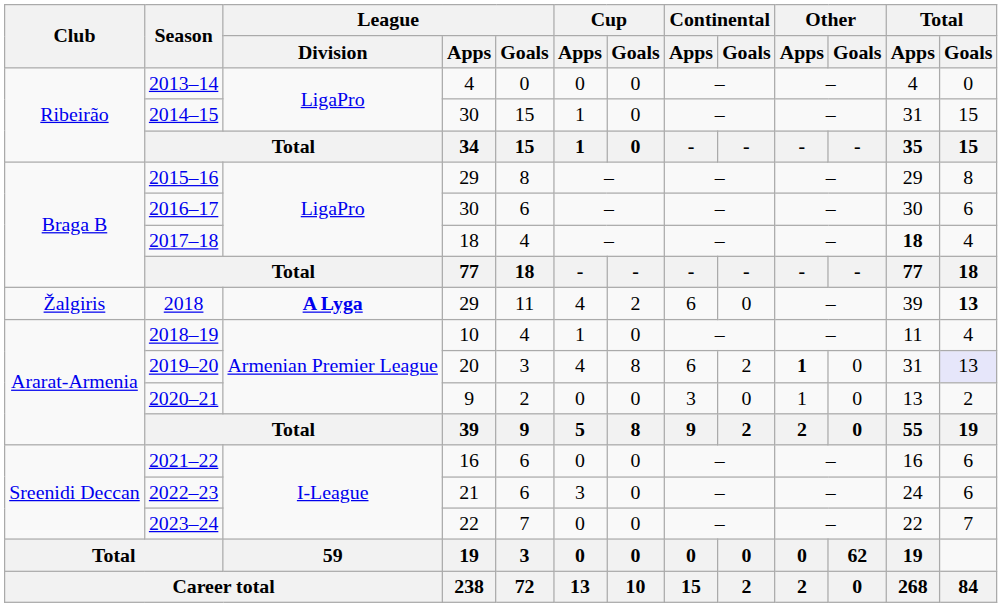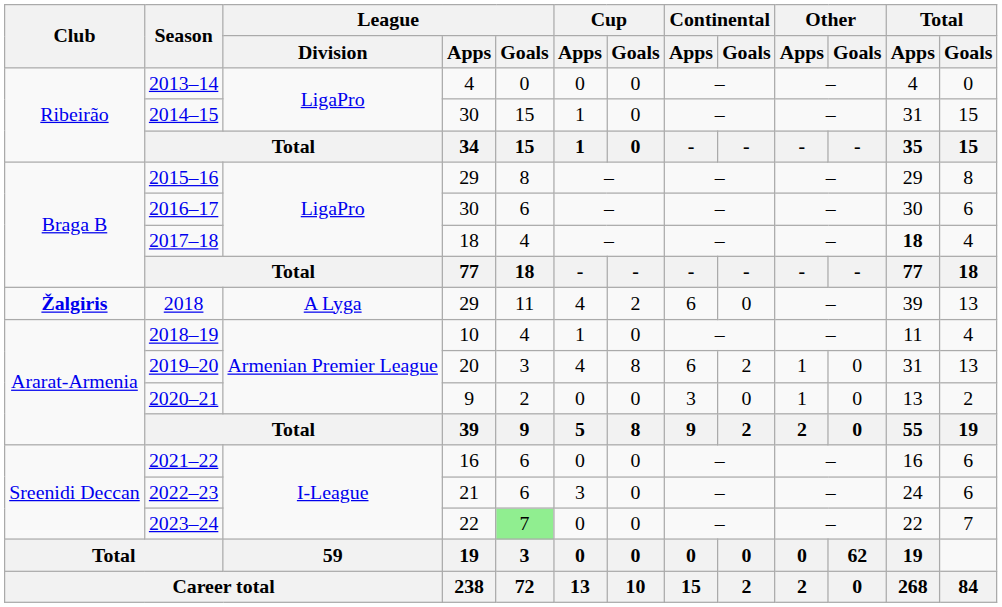 <table class="wikitable" style="text-align: center">
 <tr>
 <th rowspan="2">Club</th>
 <th rowspan="2">Season</th>
 <th colspan="3">League</th>
 <th colspan="2">Cup</th>
 <th colspan="2">Continental</th>
 <th colspan="2">Other</th>
 <th colspan="2">Total</th>
 </tr>
 <tr>
 <th>Division</th>
 <th>Apps</th>
 <th>Goals</th>
 <th>Apps</th>
 <th>Goals</th>
 <th>Apps</th>
 <th>Goals</th>
 <th>Apps</th>
 <th>Goals</th>
 <th>Apps</th>
 <th>Goals</th>
 </tr>
 <tr>
 <td rowspan="3"><a href='#'>Ribeirão</a></td>
 <td><a href='#'>2013–14</a></td>
 <td rowspan="2"><a href='#'>LigaPro</a></td>
 <td>4</td>
 <td>0</td>
 <td>0</td>
 <td>0</td>
 <td colspan="2">–</td>
 <td colspan="2">–</td>
 <td>4</td>
 <td>0</td>
 </tr>
 <tr>
 <td><a href='#'>2014–15</a></td>
 <td>30</td>
 <td>15</td>
 <td>1</td>
 <td>0</td>
 <td colspan="2">–</td>
 <td colspan="2">–</td>
 <td>31</td>
 <td>15</td>
 </tr>
 <tr>
 <th colspan="2">Total</th>
 <th>34</th>
 <th>15</th>
 <th>1</th>
 <th>0</th>
 <th>-</th>
 <th>-</th>
 <th>-</th>
 <th>-</th>
 <th>35</th>
 <th>15</th>
 </tr>
 <tr>
 <td rowspan="4"><a href='#'>Braga B</a></td>
 <td><a href='#'>2015–16</a></td>
 <td rowspan="3"><a href='#'>LigaPro</a></td>
 <td>29</td>
 <td>8</td>
 <td colspan="2">–</td>
 <td colspan="2">–</td>
 <td colspan="2">–</td>
 <td>29</td>
 <td>8</td>
 </tr>
 <tr>
 <td><a href='#'>2016–17</a></td>
 <td>30</td>
 <td>6</td>
 <td colspan="2">–</td>
 <td colspan="2">–</td>
 <td colspan="2">–</td>
 <td>30</td>
 <td>6</td>
 </tr>
 <tr>
 <td><a href='#'>2017–18</a></td>
 <td>18</td>
 <td>4</td>
 <td colspan="2">–</td>
 <td colspan="2">–</td>
 <td colspan="2">–</td>
 <td><strong>18</strong></td>
 <td>4</td>
 </tr>
 <tr>
 <th colspan="2">Total</th>
 <th>77</th>
 <th>18</th>
 <th>-</th>
 <th>-</th>
 <th>-</th>
 <th>-</th>
 <th>-</th>
 <th>-</th>
 <th>77</th>
 <th>18</th>
 </tr>
 <tr>
-<td><a href='#'>Žalgiris</a></td>
+<td><strong><a href='#'>Žalgiris</a></strong></td>
 <td><a href='#'>2018</a></td>
-<td><strong><a href='#'>A Lyga</a></strong></td>
+<td><a href='#'>A Lyga</a></td>
 <td>29</td>
 <td>11</td>
 <td>4</td>
 <td>2</td>
 <td>6</td>
 <td>0</td>
 <td colspan="2">–</td>
 <td>39</td>
-<td><strong>13</strong></td>
+<td>13</td>
 </tr>
 <tr>
 <td rowspan="4"><a href='#'>Ararat-Armenia</a></td>
 <td><a href='#'>2018–19</a></td>
 <td rowspan="3"><a href='#'>Armenian Premier League</a></td>
 <td>10</td>
 <td>4</td>
 <td>1</td>
 <td>0</td>
 <td colspan="2">–</td>
 <td colspan="2">–</td>
 <td>11</td>
 <td>4</td>
 </tr>
 <tr>
 <td><a href='#'>2019–20</a></td>
 <td>20</td>
 <td>3</td>
 <td>4</td>
 <td>8</td>
 <td>6</td>
 <td>2</td>
-<td><strong>1</strong></td>
+<td>1</td>
 <td>0</td>
 <td>31</td>
-<td style="background: lavender;">13</td>
+<td>13</td>
 </tr>
 <tr>
 <td><a href='#'>2020–21</a></td>
 <td>9</td>
 <td>2</td>
 <td>0</td>
 <td>0</td>
 <td>3</td>
 <td>0</td>
 <td>1</td>
 <td>0</td>
 <td>13</td>
 <td>2</td>
 </tr>
 <tr>
 <th colspan="2">Total</th>
 <th>39</th>
 <th>9</th>
 <th>5</th>
 <th>8</th>
 <th>9</th>
 <th>2</th>
 <th>2</th>
 <th>0</th>
 <th>55</th>
 <th>19</th>
 </tr>
 <tr>
 <td rowspan="3"><a href='#'>Sreenidi Deccan</a></td>
 <td><a href='#'>2021–22</a></td>
 <td rowspan="3"><a href='#'>I-League</a></td>
 <td>16</td>
 <td>6</td>
 <td>0</td>
 <td>0</td>
 <td colspan="2">–</td>
 <td colspan="2">–</td>
 <td>16</td>
 <td>6</td>
 </tr>
 <tr>
 <td><a href='#'>2022–23</a></td>
 <td>21</td>
 <td>6</td>
 <td>3</td>
 <td>0</td>
 <td colspan="2">–</td>
 <td colspan="2">–</td>
 <td>24</td>
 <td>6</td>
 </tr>
 <tr>
 <td><a href='#'>2023–24</a></td>
 <td>22</td>
-<td>7</td>
+<td style="background: lightgreen;">7</td>
 <td>0</td>
 <td>0</td>
 <td colspan="2">–</td>
 <td colspan="2">–</td>
 <td>22</td>
 <td>7</td>
 </tr>
 <tr>
 <th colspan="2">Total</th>
 <th>59</th>
 <th>19</th>
 <th>3</th>
 <th>0</th>
 <th>0</th>
 <th>0</th>
 <th>0</th>
 <th>0</th>
 <th>62</th>
 <th>19</th>
 </tr>
 <tr>
 <th colspan="3">Career total</th>
 <th>238</th>
 <th>72</th>
 <th>13</th>
 <th>10</th>
 <th>15</th>
 <th>2</th>
 <th>2</th>
 <th>0</th>
 <th>268</th>
 <th>84</th>
 </tr>
 </table>
